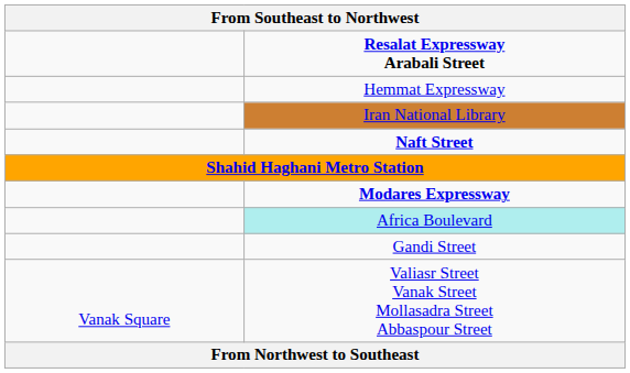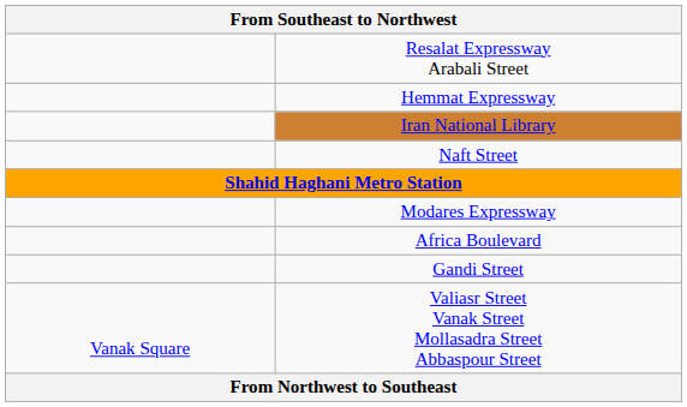 <table class="wikitable" style="text-align:center" width="600px">
 <tr>
 <th text-align="center" colspan="3"> From Southeast to Northwest </th>
 </tr>
 <tr>
 <td><br></td>
-<td><strong> <a href='#'>Resalat Expressway</a><br> Arabali Street</strong></td>
+<td> <a href='#'>Resalat Expressway</a><br> Arabali Street</td>
 </tr>
 <tr>
 <td></td>
 <td> <a href='#'>Hemmat Expressway</a></td>
 </tr>
 <tr>
 <td></td>
 <td align="center" bgcolor="#CD7F32"><a href='#'>Iran National Library</a></td>
 </tr>
 <tr>
 <td></td>
-<td><strong> <a href='#'>Naft Street</a></strong></td>
+<td> <a href='#'>Naft Street</a></td>
 </tr>
 <tr>
 <td text-align="center" colspan="3" style="background: orange; color: white;"> <strong><a href='#'>Shahid Haghani Metro Station</a></strong></td>
 </tr>
 <tr>
 <td></td>
-<td><strong> <a href='#'>Modares Expressway</a></strong></td>
+<td> <a href='#'>Modares Expressway</a></td>
 </tr>
 <tr>
 <td></td>
-<td style="background: paleturquoise;"> <a href='#'>Africa Boulevard</a></td>
+<td> <a href='#'>Africa Boulevard</a></td>
 </tr>
 <tr>
 <td></td>
 <td> <a href='#'>Gandi Street</a></td>
 </tr>
 <tr>
 <td><br><br><a href='#'>Vanak Square</a></td>
 <td> <a href='#'>Valiasr Street</a><br> <a href='#'>Vanak Street</a><br> <a href='#'>Mollasadra Street</a><br> <a href='#'>Abbaspour Street</a></td>
 </tr>
 <tr>
 <th text-align="center" colspan="3"> From Northwest to Southeast </th>
 </tr>
 </table>
